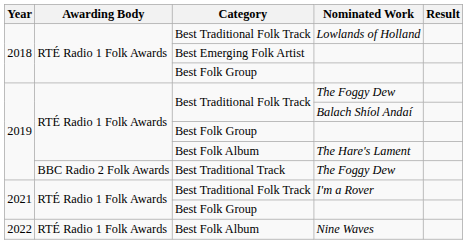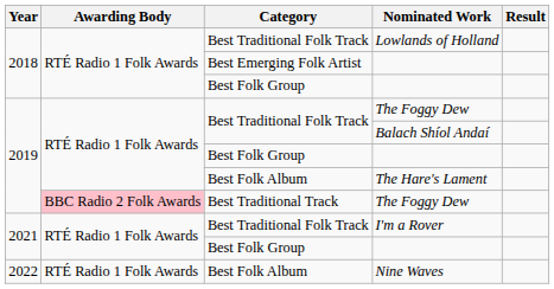 <table class="wikitable">
 <tr>
 <th>Year</th>
 <th>Awarding Body</th>
 <th>Category</th>
 <th>Nominated Work</th>
 <th>Result</th>
 </tr>
 <tr>
 <td rowspan="3">2018</td>
 <td rowspan="3">RTÉ Radio 1 Folk Awards</td>
 <td>Best Traditional Folk Track</td>
 <td><em>Lowlands of Holland</em></td>
 <td></td>
 </tr>
 <tr>
 <td>Best Emerging Folk Artist</td>
 <td></td>
 <td></td>
 </tr>
 <tr>
 <td>Best Folk Group</td>
 <td></td>
 <td></td>
 </tr>
 <tr>
 <td rowspan="5">2019</td>
 <td rowspan="4">RTÉ Radio 1 Folk Awards</td>
 <td rowspan="2">Best Traditional Folk Track</td>
 <td><em>The Foggy Dew</em></td>
 <td></td>
 </tr>
 <tr>
 <td><em>Balach Shíol Andaí</em></td>
 <td></td>
 </tr>
 <tr>
 <td>Best Folk Group</td>
 <td></td>
 <td></td>
 </tr>
 <tr>
 <td>Best Folk Album</td>
 <td><em>The Hare's Lament</em></td>
 <td></td>
 </tr>
 <tr>
-<td>BBC Radio 2 Folk Awards</td>
+<td style="background: pink;">BBC Radio 2 Folk Awards</td>
 <td>Best Traditional Track</td>
 <td><em>The Foggy Dew</em></td>
 <td></td>
 </tr>
 <tr>
 <td rowspan="2">2021</td>
 <td rowspan="2">RTÉ Radio 1 Folk Awards</td>
 <td>Best Traditional Folk Track</td>
 <td><em>I'm a Rover</em></td>
 <td></td>
 </tr>
 <tr>
 <td>Best Folk Group</td>
 <td></td>
 <td></td>
 </tr>
 <tr>
 <td rowspan="3">2022</td>
 <td rowspan="3">RTÉ Radio 1 Folk Awards</td>
 <td>Best Folk Album</td>
 <td><em>Nine Waves</em></td>
 <td></td>
 </tr>
 </table>
